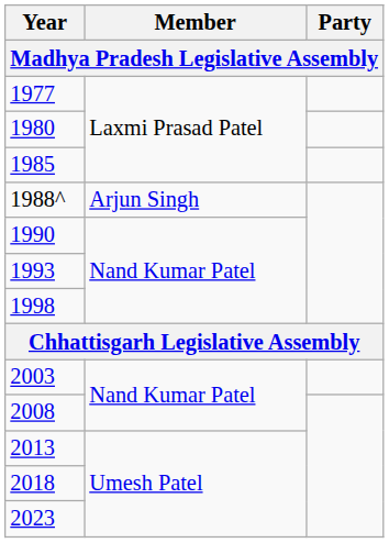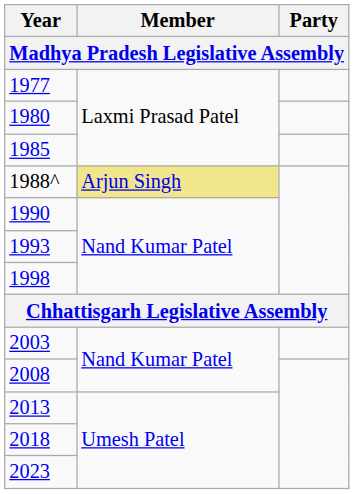 <table class="wikitable">
 <tr>
 <th>Year</th>
 <th>Member</th>
 <th colspan="2">Party</th>
 </tr>
 <tr>
 <th colspan=4><a href='#'>Madhya Pradesh Legislative Assembly</a></th>
 </tr>
 <tr>
 <td><a href='#'>1977</a></td>
 <td rowspan="3">Laxmi Prasad Patel</td>
 <td></td>
 </tr>
 <tr>
 <td><a href='#'>1980</a></td>
 <td></td>
 </tr>
 <tr>
 <td><a href='#'>1985</a></td>
 <td></td>
 </tr>
 <tr>
 <td>1988^</td>
-<td><a href='#'>Arjun Singh</a></td>
+<td style="background: khaki;"><a href='#'>Arjun Singh</a></td>
 </tr>
 <tr>
 <td><a href='#'>1990</a></td>
 <td rowspan="3"><a href='#'>Nand Kumar Patel</a></td>
 </tr>
 <tr>
 <td><a href='#'>1993</a></td>
 </tr>
 <tr>
 <td><a href='#'>1998</a></td>
 </tr>
 <tr>
 <th colspan=4><a href='#'>Chhattisgarh Legislative Assembly</a></th>
 </tr>
 <tr>
 <td><a href='#'>2003</a></td>
 <td rowspan="2"><a href='#'>Nand Kumar Patel</a></td>
 <td></td>
 </tr>
 <tr>
 <td><a href='#'>2008</a></td>
 </tr>
 <tr>
 <td><a href='#'>2013</a></td>
 <td rowspan="3"><a href='#'>Umesh Patel</a></td>
 </tr>
 <tr>
 <td><a href='#'>2018</a></td>
 </tr>
 <tr>
 <td><a href='#'>2023</a></td>
 </tr>
 </table>
